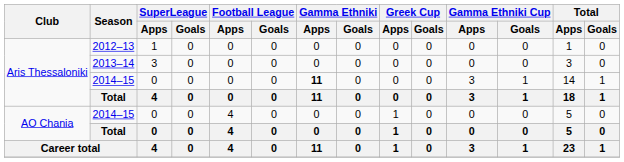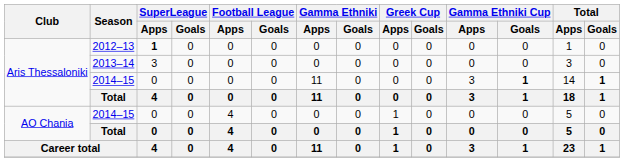 <table class="wikitable" style="font-size:100%; text-align: center">
 <tr>
 <th rowspan=2>Club</th>
 <th rowspan=2>Season</th>
 <th colspan=2><a href='#'>SuperLeague</a></th>
 <th colspan=2><a href='#'>Football League</a></th>
 <th colspan=2><a href='#'>Gamma Ethniki</a></th>
 <th colspan=2><a href='#'>Greek Cup</a></th>
 <th colspan=2><a href='#'>Gamma Ethniki Cup</a></th>
 <th colspan=3>Total</th>
 </tr>
 <tr>
 <th>Apps</th>
 <th>Goals</th>
 <th>Apps</th>
 <th>Goals</th>
 <th>Apps</th>
 <th>Goals</th>
 <th>Apps</th>
 <th>Goals</th>
 <th>Apps</th>
 <th>Goals</th>
 <th>Apps</th>
 <th>Goals</th>
 </tr>
 <tr>
 <td rowspan=4><a href='#'>Aris Thessaloniki</a></td>
 <td><a href='#'>2012–13</a></td>
-<td>1</td>
+<td><strong>1</strong></td>
 <td>0</td>
 <td>0</td>
 <td>0</td>
 <td>0</td>
 <td>0</td>
 <td>0</td>
 <td>0</td>
 <td>0</td>
 <td>0</td>
 <td>1</td>
 <td>0</td>
 </tr>
 <tr>
 <td><a href='#'>2013–14</a></td>
 <td>3</td>
 <td>0</td>
 <td>0</td>
 <td>0</td>
 <td>0</td>
 <td>0</td>
 <td>0</td>
 <td>0</td>
 <td>0</td>
 <td>0</td>
 <td>3</td>
 <td>0</td>
 </tr>
 <tr>
 <td><a href='#'>2014–15</a></td>
 <td>0</td>
 <td>0</td>
 <td>0</td>
 <td>0</td>
-<td><strong>11</strong></td>
+<td>11</td>
 <td>0</td>
 <td>0</td>
 <td>0</td>
 <td>3</td>
-<td>1</td>
+<td><strong>1</strong></td>
 <td>14</td>
-<td>1</td>
+<td><strong>1</strong></td>
 </tr>
 <tr>
 <th>Total</th>
 <th>4</th>
 <th>0</th>
 <th>0</th>
 <th>0</th>
 <th>11</th>
 <th>0</th>
 <th>0</th>
 <th>0</th>
 <th>3</th>
 <th>1</th>
 <th>18</th>
 <th>1</th>
 </tr>
 <tr>
 <td rowspan=2><a href='#'>AO Chania</a></td>
 <td><a href='#'>2014–15</a></td>
 <td>0</td>
 <td>0</td>
 <td>4</td>
 <td>0</td>
 <td>0</td>
 <td>0</td>
 <td>1</td>
 <td>0</td>
 <td>0</td>
 <td>0</td>
 <td>5</td>
 <td>0</td>
 </tr>
 <tr>
 <th>Total</th>
 <th>0</th>
 <th>0</th>
 <th>4</th>
 <th>0</th>
 <th>0</th>
 <th>0</th>
 <th>1</th>
 <th>0</th>
 <th>0</th>
 <th>0</th>
 <th>5</th>
 <th>0</th>
 </tr>
 <tr>
 <th colspan=2>Career total</th>
 <th>4</th>
 <th>0</th>
 <th>4</th>
 <th>0</th>
 <th>11</th>
 <th>0</th>
 <th>1</th>
 <th>0</th>
 <th>3</th>
 <th>1</th>
 <th>23</th>
 <th>1</th>
 </tr>
 <tr>
 </tr>
 </table>
